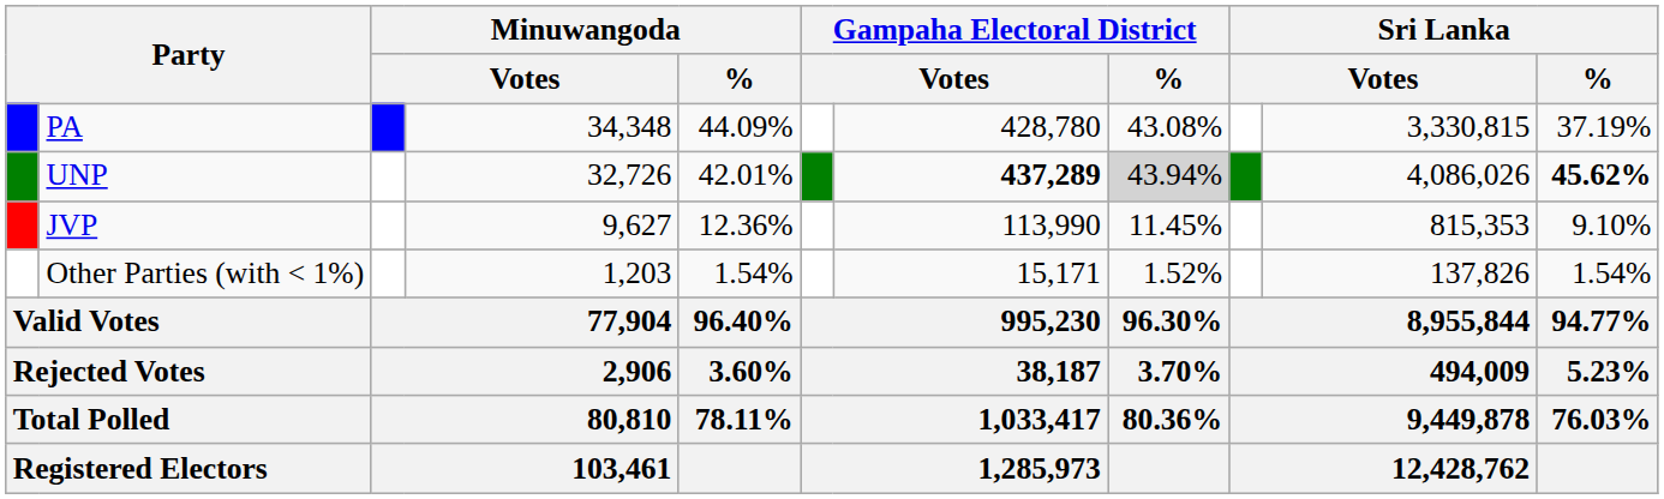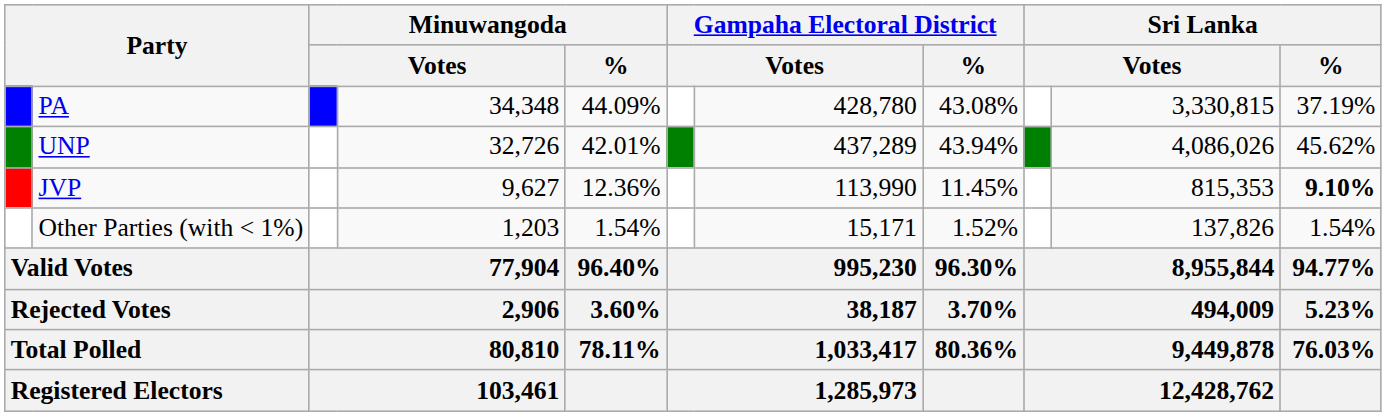 <table class="wikitable">
 <tr>
 <th colspan="2" width="144px"rowspan="2">Party</th>
 <th colspan="3" width="216px">Minuwangoda</th>
 <th colspan="3" width="216px"><a href='#'>Gampaha Electoral District</a></th>
 <th colspan="3" width="216px">Sri Lanka</th>
 </tr>
 <tr>
 <th colspan="2" width="144px">Votes</th>
 <th>%</th>
 <th colspan="2" width="144px">Votes</th>
 <th>%</th>
 <th colspan="2" width="144px">Votes</th>
 <th>%</th>
 </tr>
 <tr>
 <td style="background-color:blue;" width="10px"></td>
 <td style="text-align:left;"><a href='#'>PA</a></td>
 <td style="background-color:blue;" width="10px"></td>
 <td style="text-align:right;">34,348</td>
 <td style="text-align:right;">44.09%</td>
 <td style="background-color:white;" width="10px"></td>
 <td style="text-align:right;">428,780</td>
 <td style="text-align:right;">43.08%</td>
 <td style="background-color:white;" width="10px"></td>
 <td style="text-align:right;">3,330,815</td>
 <td style="text-align:right;">37.19%</td>
 </tr>
 <tr>
 <td style="background-color:green;" width="10px"></td>
 <td style="text-align:left;"><a href='#'>UNP</a></td>
 <td style="background-color:white;" width="10px"></td>
 <td style="text-align:right;">32,726</td>
 <td style="text-align:right;">42.01%</td>
 <td style="background-color:green;" width="10px"></td>
-<td style="text-align:right;"><strong>437,289</strong></td>
-<td style="background: lightgrey; text-align:right;">43.94%</td>
+<td style="text-align:right;">437,289</td>
+<td style="text-align:right;">43.94%</td>
 <td style="background-color:green;" width="10px"></td>
 <td style="text-align:right;">4,086,026</td>
-<td style="text-align:right;"><strong>45.62%</strong></td>
+<td style="text-align:right;">45.62%</td>
 </tr>
 <tr>
 <td style="background-color:red;" width="10px"></td>
 <td style="text-align:left;"><a href='#'>JVP</a></td>
 <td style="background-color:white;" width="10px"></td>
 <td style="text-align:right;">9,627</td>
 <td style="text-align:right;">12.36%</td>
 <td style="background-color:white;" width="10px"></td>
 <td style="text-align:right;">113,990</td>
 <td style="text-align:right;">11.45%</td>
 <td style="background-color:white;" width="10px"></td>
 <td style="text-align:right;">815,353</td>
-<td style="text-align:right;">9.10%</td>
+<td style="text-align:right;"><strong>9.10%</strong></td>
 </tr>
 <tr>
 <td style="background-color:white;" width="10px"></td>
 <td style="text-align:left;">Other Parties (with < 1%)</td>
 <td style="background-color:white;" width="10px"></td>
 <td style="text-align:right;">1,203</td>
 <td style="text-align:right;">1.54%</td>
 <td style="background-color:white;" width="10px"></td>
 <td style="text-align:right;">15,171</td>
 <td style="text-align:right;">1.52%</td>
 <td style="background-color:white;" width="10px"></td>
 <td style="text-align:right;">137,826</td>
 <td style="text-align:right;">1.54%</td>
 </tr>
 <tr>
 <th colspan="2" width="144px"style="text-align:left;">Valid Votes</th>
 <th style="text-align:right;"colspan="2" width="144px">77,904</th>
 <th style="text-align:right;">96.40%</th>
 <th style="text-align:right;"colspan="2" width="144px">995,230</th>
 <th style="text-align:right;">96.30%</th>
 <th style="text-align:right;"colspan="2" width="144px">8,955,844</th>
 <th style="text-align:right;">94.77%</th>
 </tr>
 <tr>
 <th colspan="2" width="144px"style="text-align:left;">Rejected Votes</th>
 <th style="text-align:right;"colspan="2" width="144px">2,906</th>
 <th style="text-align:right;">3.60%</th>
 <th style="text-align:right;"colspan="2" width="144px">38,187</th>
 <th style="text-align:right;">3.70%</th>
 <th style="text-align:right;"colspan="2" width="144px">494,009</th>
 <th style="text-align:right;">5.23%</th>
 </tr>
 <tr>
 <th colspan="2" width="144px"style="text-align:left;">Total Polled</th>
 <th style="text-align:right;"colspan="2" width="144px">80,810</th>
 <th style="text-align:right;">78.11%</th>
 <th style="text-align:right;"colspan="2" width="144px">1,033,417</th>
 <th style="text-align:right;">80.36%</th>
 <th style="text-align:right;"colspan="2" width="144px">9,449,878</th>
 <th style="text-align:right;">76.03%</th>
 </tr>
 <tr>
 <th colspan="2" width="144px"style="text-align:left;">Registered Electors</th>
 <th style="text-align:right;"colspan="2" width="144px">103,461</th>
 <th></th>
 <th style="text-align:right;"colspan="2" width="144px">1,285,973</th>
 <th></th>
 <th style="text-align:right;"colspan="2" width="144px">12,428,762</th>
 <th></th>
 </tr>
 </table>
